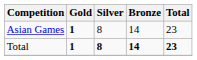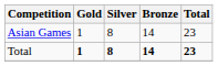 <table class="wikitable sortable">
 <tr>
 <th>Competition</th>
 <th>Gold</th>
 <th>Silver</th>
 <th>Bronze</th>
 <th>Total</th>
 </tr>
 <tr>
 <td><a href='#'>Asian Games</a></td>
-<td><strong>1</strong></td>
+<td>1</td>
 <td>8</td>
 <td>14</td>
 <td>23</td>
 </tr>
 <tr>
 <td>Total</td>
 <td><strong>1</strong></td>
 <td><strong>8</strong></td>
 <td><strong>14</strong></td>
 <td><strong>23</strong></td>
 </tr>
 <tr>
 </tr>
 </table>
